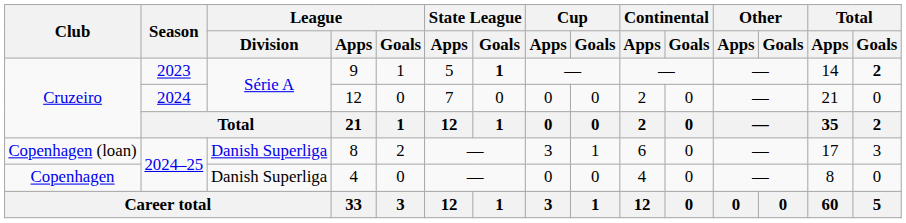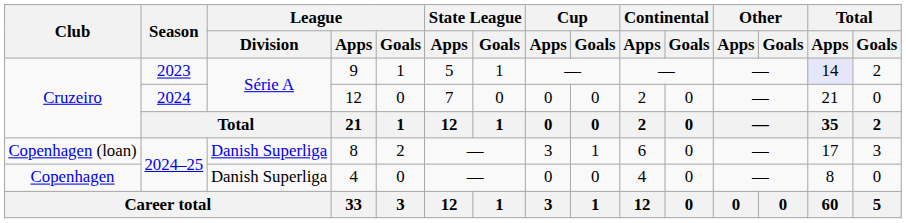 <table class="wikitable" style="text-align: center;">
 <tr>
 <th rowspan="2">Club</th>
 <th rowspan="2">Season</th>
 <th colspan="3">League</th>
 <th colspan="2">State League</th>
 <th colspan="2">Cup</th>
 <th colspan="2">Continental</th>
 <th colspan="2">Other</th>
 <th colspan="2">Total</th>
 </tr>
 <tr>
 <th>Division</th>
 <th>Apps</th>
 <th>Goals</th>
 <th>Apps</th>
 <th>Goals</th>
 <th>Apps</th>
 <th>Goals</th>
 <th>Apps</th>
 <th>Goals</th>
 <th>Apps</th>
 <th>Goals</th>
 <th>Apps</th>
 <th>Goals</th>
 </tr>
 <tr>
 <td rowspan="3"><a href='#'>Cruzeiro</a></td>
 <td><a href='#'>2023</a></td>
 <td rowspan="2"><a href='#'>Série A</a></td>
 <td>9</td>
 <td>1</td>
 <td>5</td>
-<td><strong>1</strong></td>
+<td>1</td>
 <td colspan="2">—</td>
 <td colspan="2">—</td>
 <td colspan="2">—</td>
-<td>14</td>
-<td><strong>2</strong></td>
+<td style="background: lavender;">14</td>
+<td>2</td>
 </tr>
 <tr>
 <td><a href='#'>2024</a></td>
 <td>12</td>
 <td>0</td>
 <td>7</td>
 <td>0</td>
 <td>0</td>
 <td>0</td>
 <td>2</td>
 <td>0</td>
 <td colspan="2">—</td>
 <td>21</td>
 <td>0</td>
 </tr>
 <tr>
 <th colspan="2">Total</th>
 <th>21</th>
 <th>1</th>
 <th>12</th>
 <th>1</th>
 <th>0</th>
 <th>0</th>
 <th>2</th>
 <th>0</th>
 <th colspan="2">—</th>
 <th>35</th>
 <th>2</th>
 </tr>
 <tr>
 <td><a href='#'>Copenhagen</a> (loan)</td>
 <td rowspan="2"><a href='#'>2024–25</a></td>
 <td><a href='#'>Danish Superliga</a></td>
 <td>8</td>
 <td>2</td>
 <td colspan="2">—</td>
 <td>3</td>
 <td>1</td>
 <td>6</td>
 <td>0</td>
 <td colspan="2">—</td>
 <td>17</td>
 <td>3</td>
 </tr>
 <tr>
 <td><a href='#'>Copenhagen</a></td>
 <td>Danish Superliga</td>
 <td>4</td>
 <td>0</td>
 <td colspan="2">—</td>
 <td>0</td>
 <td>0</td>
 <td>4</td>
 <td>0</td>
 <td colspan="2">—</td>
 <td>8</td>
 <td>0</td>
 </tr>
 <tr>
 <th colspan="3"><strong>Career total</strong></th>
 <th>33</th>
 <th>3</th>
 <th>12</th>
 <th>1</th>
 <th>3</th>
 <th>1</th>
 <th>12</th>
 <th>0</th>
 <th>0</th>
 <th>0</th>
 <th>60</th>
 <th>5</th>
 </tr>
 </table>
